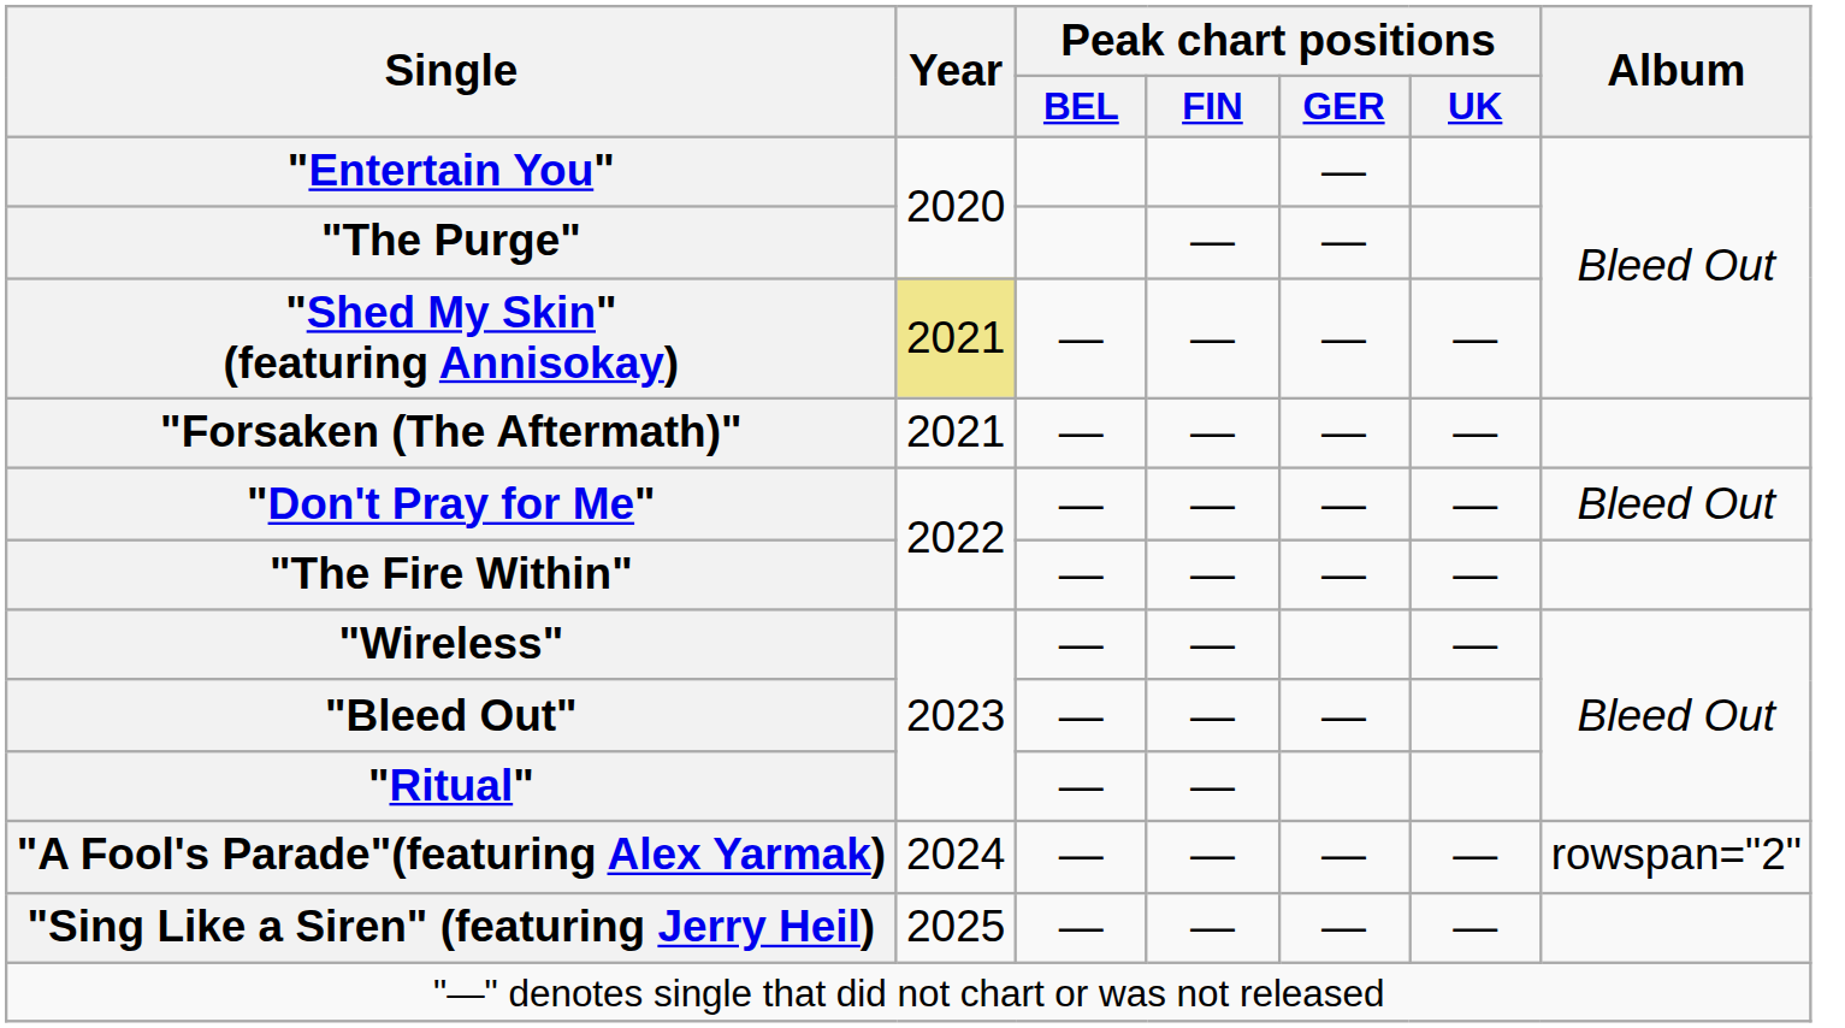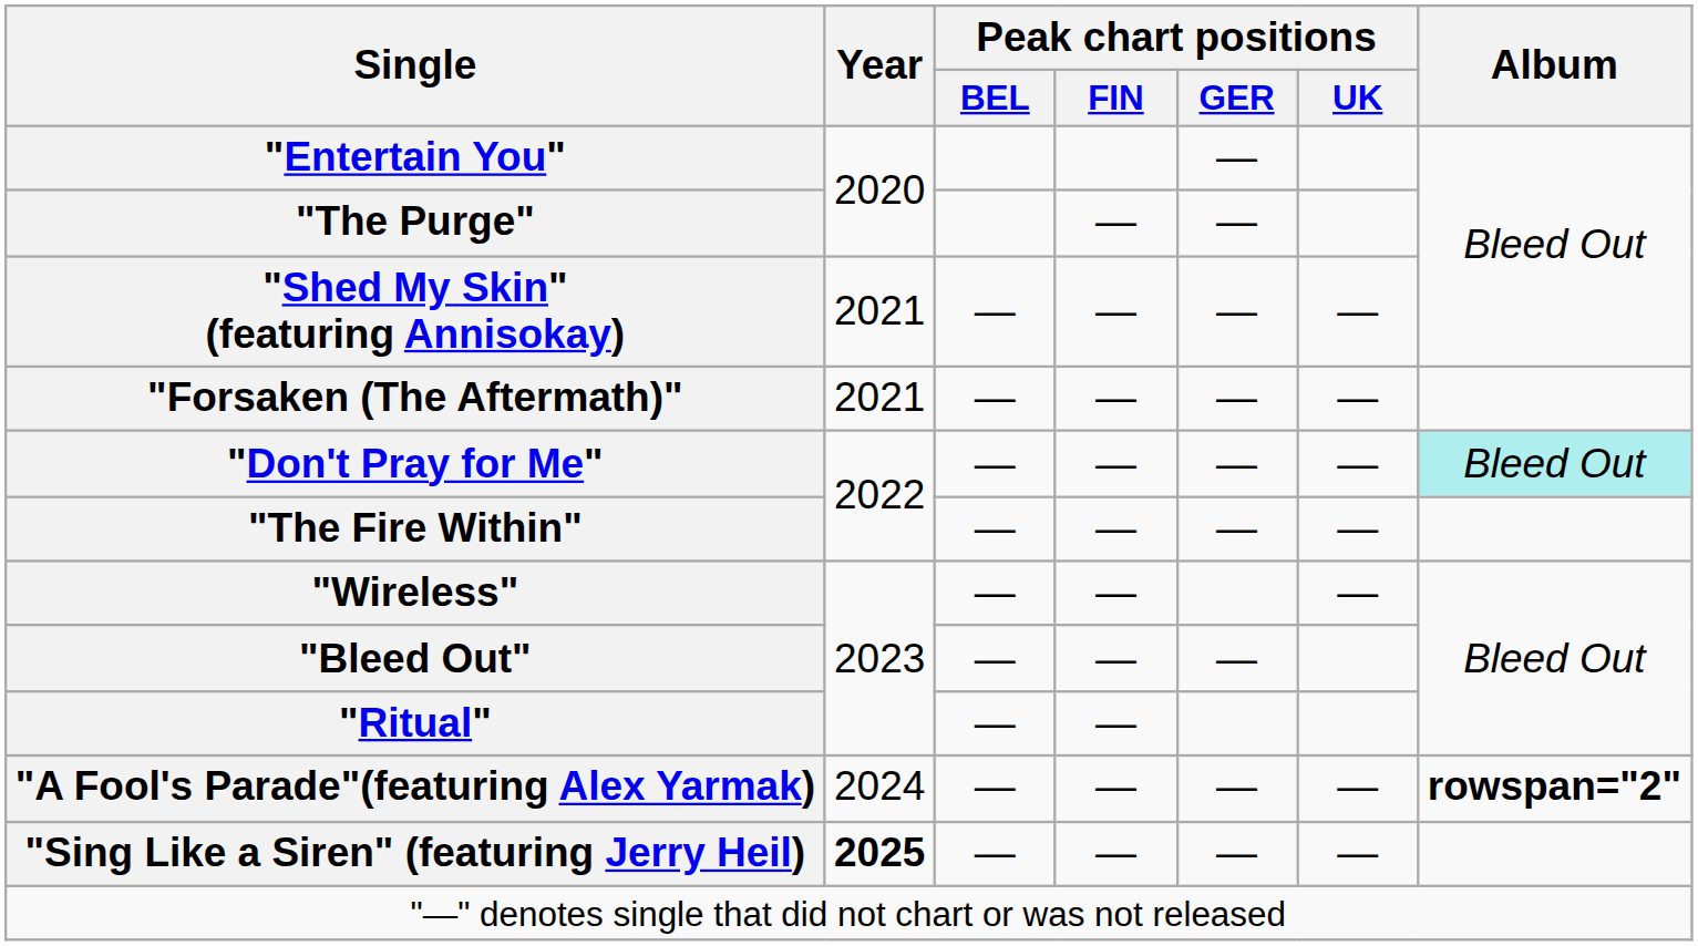 <table class="wikitable plainrowheaders" style="text-align:center;">
 <tr>
 <th scope="colw" rowspan="2">Single</th>
 <th scope="col" rowspan="2">Year</th>
 <th scope="col" colspan="4">Peak chart positions</th>
 <th scope="col" rowspan="2">Album</th>
 </tr>
 <tr>
 <th scope="col" style="width:3em;font-size:85%;"><a href='#'>BEL</a><br></th>
 <th scope="col" style="width:3em;font-size:85%;"><a href='#'>FIN</a><br></th>
 <th scope="col" style="width:3em;font-size:85%;"><a href='#'>GER</a><br></th>
 <th scope="col" style="width:3em;font-size:85%;"><a href='#'>UK</a><br></th>
 </tr>
 <tr>
 <th scope="row">"<a href='#'>Entertain You</a>"</th>
 <td rowspan="2">2020</td>
 <td></td>
 <td></td>
 <td>—</td>
 <td></td>
 <td rowspan="3"><em>Bleed Out</em></td>
 </tr>
 <tr>
 <th scope="row">"The Purge"</th>
 <td></td>
 <td>—</td>
 <td>—</td>
 <td></td>
 </tr>
 <tr>
 <th scope="row">"<a href='#'>Shed My Skin</a>"<br><span>(featuring <a href='#'>Annisokay</a>)</span></th>
-<td style="background: khaki;">2021</td>
+<td>2021</td>
 <td>—</td>
 <td>—</td>
 <td>—</td>
 <td>—</td>
 </tr>
 <tr>
 <th scope="row">"Forsaken (The Aftermath)"</th>
 <td>2021</td>
 <td>—</td>
 <td>—</td>
 <td>—</td>
 <td>—</td>
 <td></td>
 </tr>
 <tr>
 <th scope="row">"<a href='#'>Don't Pray for Me</a>"</th>
 <td rowspan="2">2022</td>
 <td>—</td>
 <td>—</td>
 <td>—</td>
 <td>—</td>
-<td><em>Bleed Out</em></td>
+<td style="background: paleturquoise;"><em>Bleed Out</em></td>
 </tr>
 <tr>
 <th scope="row">"The Fire Within"</th>
 <td>—</td>
 <td>—</td>
 <td>—</td>
 <td>—</td>
 <td></td>
 </tr>
 <tr>
 <th scope="row">"Wireless"</th>
 <td rowspan="3">2023</td>
 <td>—</td>
 <td>—</td>
 <td></td>
 <td>—</td>
 <td rowspan="3"><em>Bleed Out</em></td>
 </tr>
 <tr>
 <th scope="row">"Bleed Out"</th>
 <td>—</td>
 <td>—</td>
 <td>—</td>
 <td></td>
 </tr>
 <tr>
 <th scope="row">"<a href='#'>Ritual</a>"</th>
 <td>—</td>
 <td>—</td>
 <td></td>
 <td></td>
 </tr>
 <tr>
 <th scope="row">"A Fool's Parade"<span>(featuring <a href='#'>Alex Yarmak</a>)</span></th>
 <td>2024</td>
 <td>—</td>
 <td>—</td>
 <td>—</td>
 <td>—</td>
-<td>rowspan="2" </td>
+<td><strong>rowspan="2" </strong></td>
 </tr>
 <tr>
 <th scope="row">"Sing Like a Siren"<span> (featuring <a href='#'>Jerry Heil</a>)</span></th>
-<td>2025</td>
+<td><strong>2025</strong></td>
 <td>—</td>
 <td>—</td>
 <td>—</td>
 <td>—</td>
 </tr>
 <tr>
 <td colspan="13" style="font-size:85%">"—" denotes single that did not chart or was not released</td>
 </tr>
 </table>
